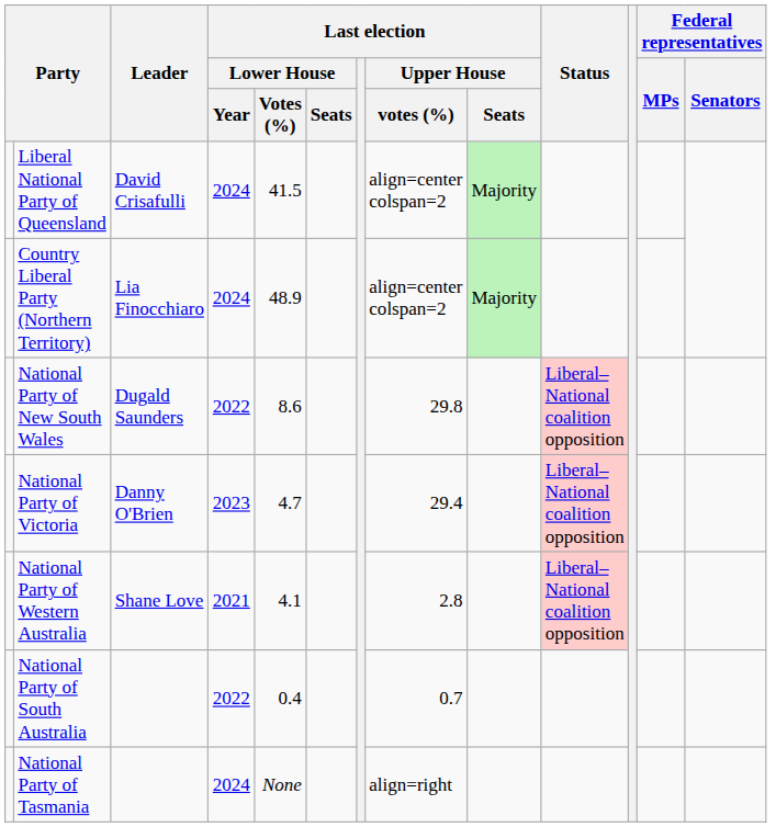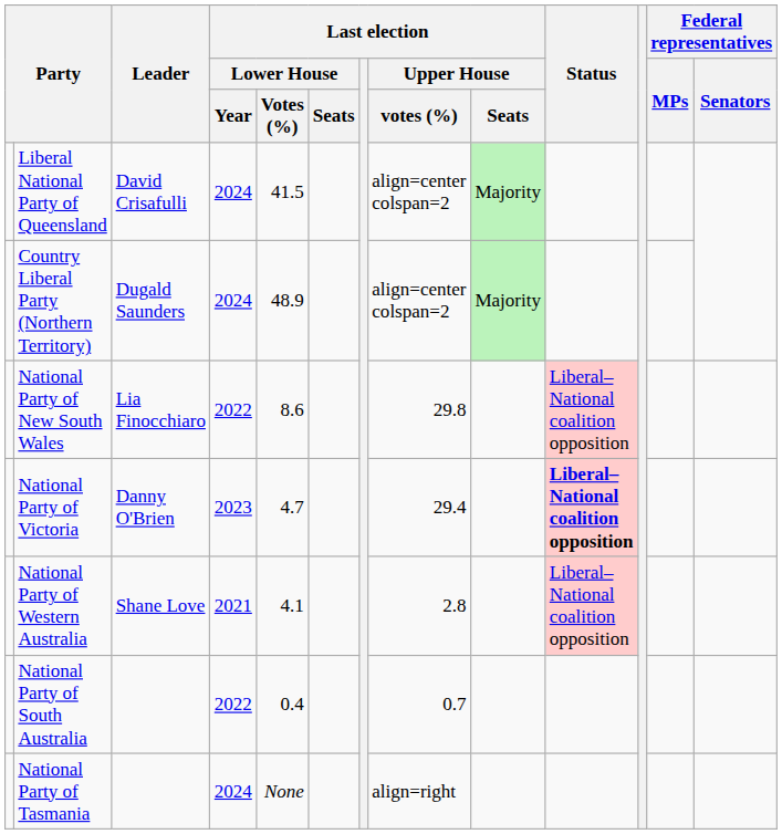 <table class="wikitable" style="font-size:95%;">
 <tr>
 <th colspan=2 rowspan=3 style="width:140px">Party</th>
 <th rowspan=3 style="width:140px">Leader</th>
 <th colspan=6>Last election</th>
 <th rowspan=3>Status</th>
 <th rowspan=10></th>
 <th colspan="2"><a href='#'>Federal representatives</a></th>
 </tr>
 <tr>
 <th colspan=3>Lower House</th>
 <th rowspan=9></th>
 <th colspan=2>Upper House</th>
 <th rowspan="2"><a href='#'>MPs</a></th>
 <th rowspan="2"><a href='#'>Senators</a></th>
 </tr>
 <tr>
 <th>Year</th>
 <th>Votes (%)</th>
 <th>Seats</th>
 <th>votes (%)</th>
 <th>Seats</th>
 </tr>
 <tr>
 <td style="width:2px;background:"></td>
 <td><a href='#'>Liberal National Party of Queensland</a></td>
 <td><a href='#'>David Crisafulli</a></td>
 <td><a href='#'>2024</a></td>
 <td align=right>41.5</td>
 <td></td>
 <td>align=center colspan=2 </td>
 <td style="background-color:#BBF3BB">Majority</td>
 <td></td>
 <td></td>
 </tr>
 <tr>
 <td style="width:2px;background:"></td>
 <td><a href='#'>Country Liberal Party (Northern Territory)</a></td>
-<td><a href='#'>Lia Finocchiaro</a></td>
+<td><a href='#'>Dugald Saunders</a></td>
 <td><a href='#'>2024</a></td>
 <td align=right>48.9</td>
 <td></td>
 <td>align=center colspan=2 </td>
 <td style="background-color:#BBF3BB">Majority</td>
 <td></td>
 <td></td>
 </tr>
 <tr>
 <td style="width:2px;background:"></td>
 <td><a href='#'>National Party of New South Wales</a></td>
-<td><a href='#'>Dugald Saunders</a></td>
+<td><a href='#'>Lia Finocchiaro</a></td>
 <td><a href='#'>2022</a></td>
 <td align=right>8.6</td>
 <td></td>
 <td align=right>29.8</td>
 <td></td>
 <td style="background:#FFCCCC;"><a href='#'>Liberal–National coalition</a> opposition</td>
 <td></td>
 <td></td>
 </tr>
 <tr>
 <td style="width:2px;background:"></td>
 <td><a href='#'>National Party of Victoria</a></td>
 <td><a href='#'>Danny O'Brien</a></td>
 <td><a href='#'>2023</a></td>
 <td align=right>4.7</td>
 <td></td>
 <td align=right>29.4</td>
 <td></td>
-<td style="background-color:#FFCCCC"><a href='#'>Liberal–National coalition</a> opposition</td>
+<td style="background-color:#FFCCCC"><strong><a href='#'>Liberal–National coalition</a> opposition</strong></td>
 <td></td>
 <td></td>
 </tr>
 <tr>
 <td style="width:2px;background:"></td>
 <td><a href='#'>National Party of Western Australia</a></td>
 <td><a href='#'>Shane Love</a></td>
 <td><a href='#'>2021</a></td>
 <td align=right>4.1</td>
 <td></td>
 <td align=right>2.8</td>
 <td></td>
 <td style="background-color:#FFCCCC"><a href='#'>Liberal–National coalition</a> opposition</td>
 <td></td>
 <td></td>
 </tr>
 <tr>
 <td style="width:2px;background:"></td>
 <td><a href='#'>National Party of South Australia</a></td>
 <td></td>
 <td><a href='#'>2022</a></td>
 <td align=right>0.4</td>
 <td></td>
 <td align=right>0.7</td>
 <td></td>
 <td></td>
 <td></td>
 <td></td>
 </tr>
 <tr>
 <td style="width:2px;background:"></td>
 <td><a href='#'>National Party of Tasmania</a></td>
 <td></td>
 <td><a href='#'>2024</a></td>
 <td align=right><em>None</em></td>
 <td></td>
 <td>align=right </td>
 <td></td>
 <td></td>
 <td></td>
 <td></td>
 </tr>
 </table>
